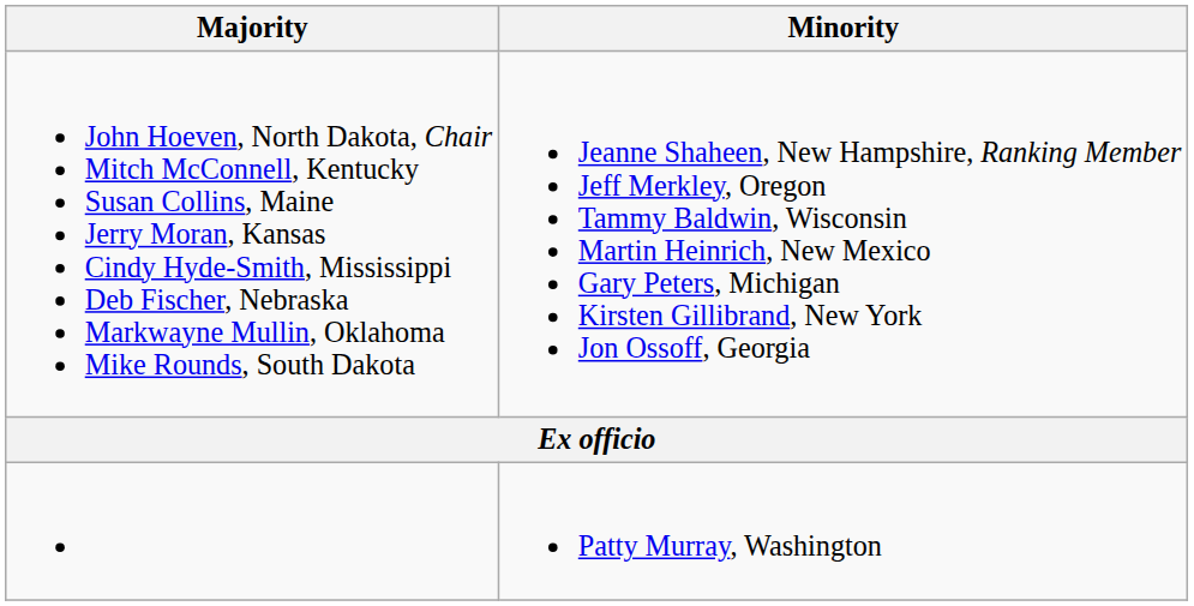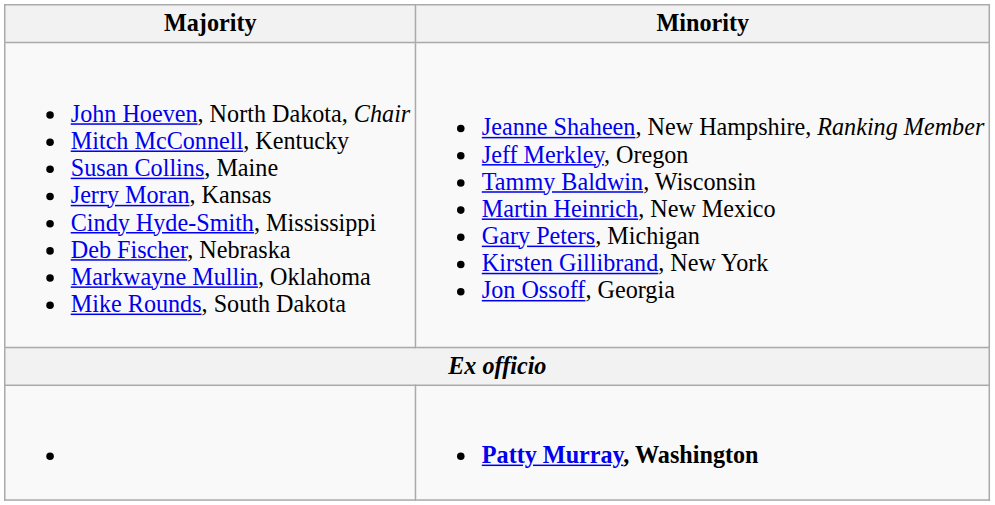 <table class=wikitable>
 <tr>
 <th>Majority</th>
 <th>Minority</th>
 </tr>
 <tr>
 <td><br><ul><li><a href='#'>John Hoeven</a>, North Dakota, <em>Chair</em></li><li><a href='#'>Mitch McConnell</a>, Kentucky</li><li><a href='#'>Susan Collins</a>, Maine</li><li><a href='#'>Jerry Moran</a>, Kansas</li><li><a href='#'>Cindy Hyde-Smith</a>, Mississippi</li><li><a href='#'>Deb Fischer</a>, Nebraska</li><li><a href='#'>Markwayne Mullin</a>, Oklahoma</li><li><a href='#'>Mike Rounds</a>, South Dakota</li></ul></td>
 <td><br><ul><li><a href='#'>Jeanne Shaheen</a>, New Hampshire, <em>Ranking Member</em></li><li><a href='#'>Jeff Merkley</a>, Oregon</li><li><a href='#'>Tammy Baldwin</a>, Wisconsin</li><li><a href='#'>Martin Heinrich</a>, New Mexico</li><li><a href='#'>Gary Peters</a>, Michigan</li><li><a href='#'>Kirsten Gillibrand</a>, New York</li><li><a href='#'>Jon Ossoff</a>, Georgia</li></ul></td>
 </tr>
 <tr>
 <th colspan=2 align=center><em>Ex officio</em></th>
 </tr>
 <tr>
 <td><br><ul><li></li></ul></td>
-<td><br><ul><li><a href='#'>Patty Murray</a>, Washington</li></ul></td>
+<td><strong><br><ul><li><a href='#'>Patty Murray</a>, Washington</li></ul></strong></td>
 </tr>
 </table>
